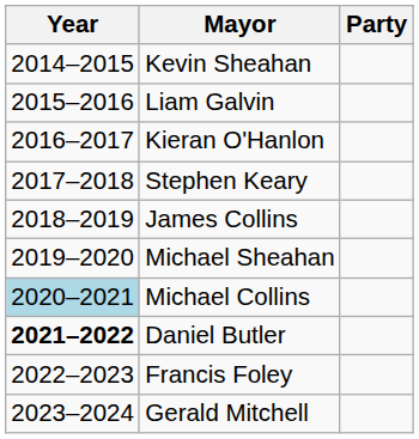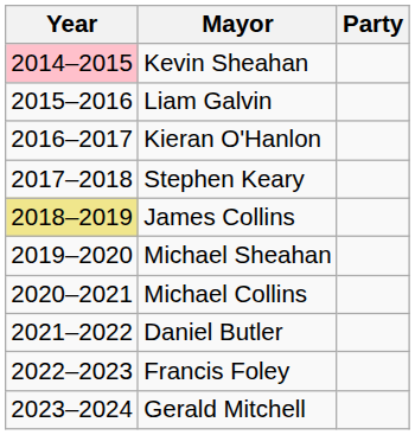 <table class="wikitable">
 <tr>
 <th>Year</th>
 <th>Mayor</th>
 <th colspan=2>Party</th>
 </tr>
 <tr>
-<td>2014–2015</td>
+<td style="background: pink;">2014–2015</td>
 <td>Kevin Sheahan</td>
 <td></td>
 </tr>
 <tr>
 <td>2015–2016</td>
 <td>Liam Galvin</td>
 <td></td>
 </tr>
 <tr>
 <td>2016–2017</td>
 <td>Kieran O'Hanlon</td>
 <td></td>
 </tr>
 <tr>
 <td>2017–2018</td>
 <td>Stephen Keary</td>
 <td></td>
 </tr>
 <tr>
-<td>2018–2019</td>
+<td style="background: khaki;">2018–2019</td>
 <td>James Collins</td>
 <td></td>
 </tr>
 <tr>
 <td>2019–2020</td>
 <td>Michael Sheahan</td>
 <td></td>
 </tr>
 <tr>
-<td style="background: lightblue;">2020–2021</td>
+<td>2020–2021</td>
 <td>Michael Collins</td>
 <td></td>
 </tr>
 <tr>
-<td><strong>2021–2022</strong></td>
+<td>2021–2022</td>
 <td>Daniel Butler</td>
 <td></td>
 </tr>
 <tr>
 <td>2022–2023</td>
 <td>Francis Foley</td>
 <td></td>
 </tr>
 <tr>
 <td>2023–2024</td>
 <td>Gerald Mitchell</td>
 <td></td>
 </tr>
 </table>
